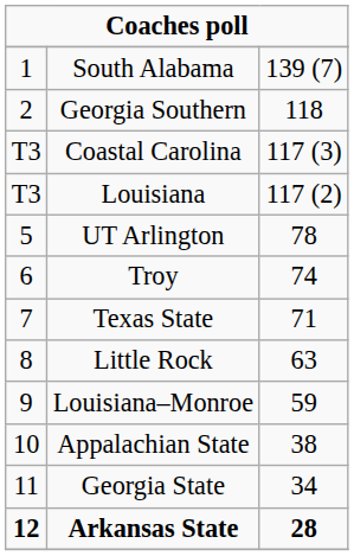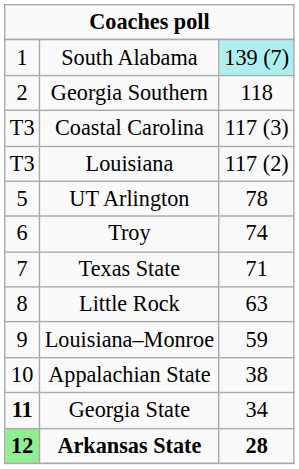 <table class="wikitable">
 <tr align="center">
 <td align="center" Colspan="3"><strong>Coaches poll</strong></td>
 </tr>
 <tr align="center">
 </tr>
 <tr align="center">
 <td>1</td>
 <td>South Alabama</td>
-<td>139 (7)</td>
+<td style="background: paleturquoise;">139 (7)</td>
 </tr>
 <tr align="center">
 <td>2</td>
 <td>Georgia Southern</td>
 <td>118</td>
 </tr>
 <tr align="center">
 <td>T3</td>
 <td>Coastal Carolina</td>
 <td>117 (3)</td>
 </tr>
 <tr align="center">
 <td>T3</td>
 <td>Louisiana</td>
 <td>117 (2)</td>
 </tr>
 <tr align="center">
 <td>5</td>
 <td>UT Arlington</td>
 <td>78</td>
 </tr>
 <tr align="center">
 <td>6</td>
 <td>Troy</td>
 <td>74</td>
 </tr>
 <tr align="center">
 <td>7</td>
 <td>Texas State</td>
 <td>71</td>
 </tr>
 <tr align="center">
 <td>8</td>
 <td>Little Rock</td>
 <td>63</td>
 </tr>
 <tr align="center">
 <td>9</td>
 <td>Louisiana–Monroe</td>
 <td>59</td>
 </tr>
 <tr align="center">
 <td>10</td>
 <td>Appalachian State</td>
 <td>38</td>
 </tr>
 <tr align="center">
-<td>11</td>
+<td><strong>11</strong></td>
 <td>Georgia State</td>
 <td>34</td>
 </tr>
 <tr align="center">
-<td><strong>12</strong></td>
+<td style="background: lightgreen;"><strong>12</strong></td>
 <td><strong>Arkansas State</strong></td>
 <td><strong>28</strong></td>
 </tr>
 <tr align="center">
 </tr>
 </table>
